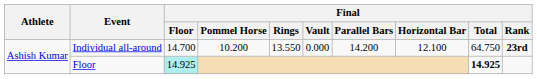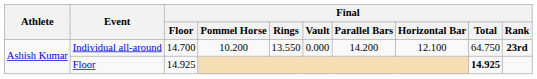 <table class=wikitable style="font-size:90%">
 <tr>
 <th rowspan=2>Athlete</th>
 <th rowspan=2>Event</th>
 <th colspan=8>Final</th>
 </tr>
 <tr>
 <th>Floor</th>
 <th>Pommel Horse</th>
 <th>Rings</th>
 <th>Vault</th>
 <th>Parallel Bars</th>
 <th>Horizontal Bar</th>
 <th>Total</th>
 <th>Rank</th>
 </tr>
 <tr>
 <td rowspan=2><a href='#'>Ashish Kumar</a></td>
 <td><a href='#'>Individual all-around</a></td>
 <td align=center>14.700</td>
 <td align=center>10.200</td>
 <td align=center>13.550</td>
 <td align=center>0.000</td>
 <td align=center>14.200</td>
 <td align=center>12.100</td>
 <td align=center>64.750</td>
 <td align=center><strong>23rd</strong></td>
 </tr>
 <tr>
 <td><a href='#'>Floor</a></td>
-<td align=center style="background: paleturquoise;">14.925</td>
+<td align=center>14.925</td>
 <td bgcolor=wheat colspan=5></td>
 <td align=center><strong>14.925</strong></td>
 <td align=center></td>
 </tr>
 </table>
